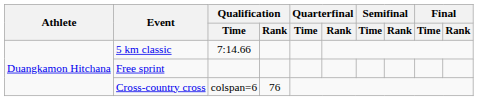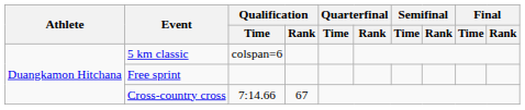 <table class="wikitable" style="font-size:90%">
 <tr>
 <th rowspan="2">Athlete</th>
 <th rowspan="2">Event</th>
 <th colspan="2">Qualification</th>
 <th colspan="2">Quarterfinal</th>
 <th colspan="2">Semifinal</th>
 <th colspan="2">Final</th>
 </tr>
 <tr style="font-size:95%">
 <th>Time</th>
 <th>Rank</th>
 <th>Time</th>
 <th>Rank</th>
 <th>Time</th>
 <th>Rank</th>
 <th>Time</th>
 <th>Rank</th>
 </tr>
 <tr align=center>
 <td align=left rowspan=3><a href='#'>Duangkamon Hitchana</a></td>
 <td align=left><a href='#'>5 km classic</a></td>
-<td>7:14.66</td>
+<td>colspan=6 </td>
 <td></td>
 <td></td>
 </tr>
 <tr align=center>
 <td align=left><a href='#'>Free sprint</a></td>
 <td></td>
 <td></td>
 <td></td>
 <td></td>
 <td></td>
 <td></td>
 <td></td>
 <td></td>
 </tr>
 <tr align=center>
 <td align=left><a href='#'>Cross-country cross</a></td>
-<td>colspan=6 </td>
-<td>76</td>
+<td>7:14.66</td>
+<td>67</td>
 <td colspan="6"></td>
 </tr>
 </table>
